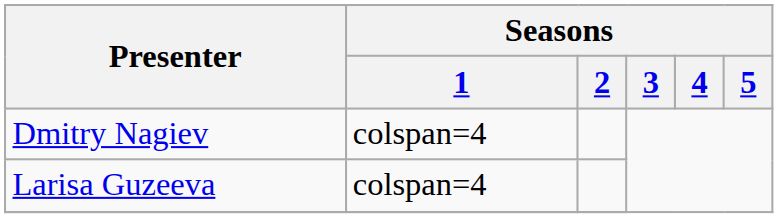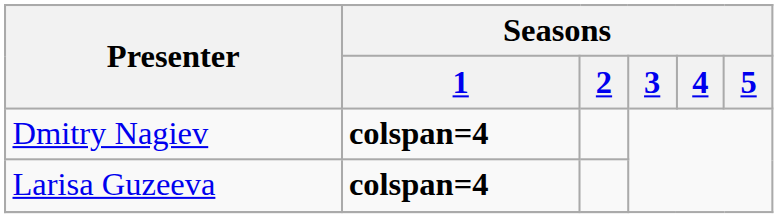 <table class="wikitable plainrowheaders collapsible mw-collapsible" style="width:30%;">
 <tr>
 <th rowspan=2>Presenter</th>
 <th colspan=5>Seasons</th>
 </tr>
 <tr>
 <th><a href='#'>1</a></th>
 <th><a href='#'>2</a></th>
 <th><a href='#'>3</a></th>
 <th><a href='#'>4</a></th>
 <th><a href='#'>5</a></th>
 </tr>
 <tr>
 <td><a href='#'>Dmitry Nagiev</a></td>
-<td>colspan=4 </td>
+<td><strong>colspan=4 </strong></td>
 <td></td>
 </tr>
 <tr>
 <td><a href='#'>Larisa Guzeeva</a></td>
-<td>colspan=4 </td>
+<td><strong>colspan=4 </strong></td>
 <td></td>
 </tr>
 <tr>
 </tr>
 </table>
